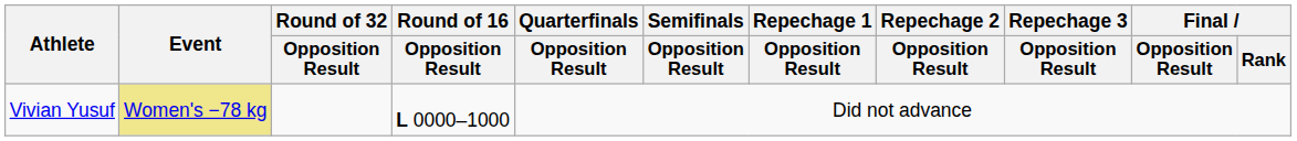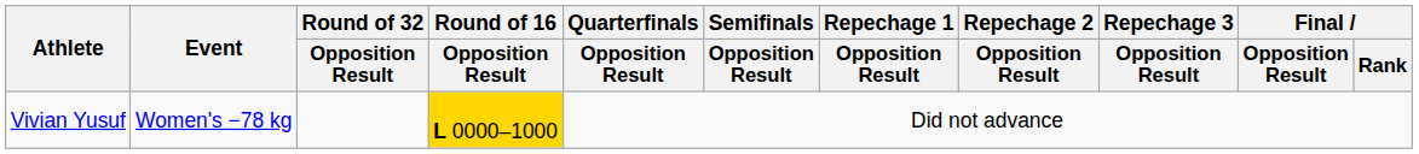 <table class="wikitable" style="font-size:90%">
 <tr>
 <th rowspan="2">Athlete</th>
 <th rowspan="2">Event</th>
 <th>Round of 32</th>
 <th>Round of 16</th>
 <th>Quarterfinals</th>
 <th>Semifinals</th>
 <th>Repechage 1</th>
 <th>Repechage 2</th>
 <th>Repechage 3</th>
 <th colspan=2>Final / </th>
 </tr>
 <tr style="font-size:95%">
 <th>Opposition<br>Result</th>
 <th>Opposition<br>Result</th>
 <th>Opposition<br>Result</th>
 <th>Opposition<br>Result</th>
 <th>Opposition<br>Result</th>
 <th>Opposition<br>Result</th>
 <th>Opposition<br>Result</th>
 <th>Opposition<br>Result</th>
 <th>Rank</th>
 </tr>
 <tr align=center>
 <td align=left><a href='#'>Vivian Yusuf</a></td>
-<td align=left style="background: khaki;"><a href='#'>Women's −78 kg</a></td>
+<td align=left><a href='#'>Women's −78 kg</a></td>
 <td></td>
-<td> <br> <strong>L</strong> 0000–1000</td>
+<td style="background: gold;"> <br> <strong>L</strong> 0000–1000</td>
 <td colspan=7>Did not advance</td>
 </tr>
 </table>
